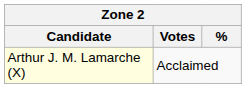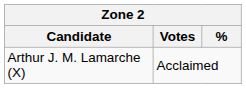 <table class="wikitable">
 <tr>
 <th colspan="3">Zone 2</th>
 </tr>
 <tr>
 <th style="width: 170px">Candidate</th>
 <th style="width: 50px">Votes</th>
 <th style="width: 40px">%</th>
 </tr>
 <tr>
-<td style="background: lightyellow;">Arthur J. M. Lamarche (X)</td>
+<td>Arthur J. M. Lamarche (X)</td>
 <td colspan="2">Acclaimed</td>
 </tr>
 </table>
